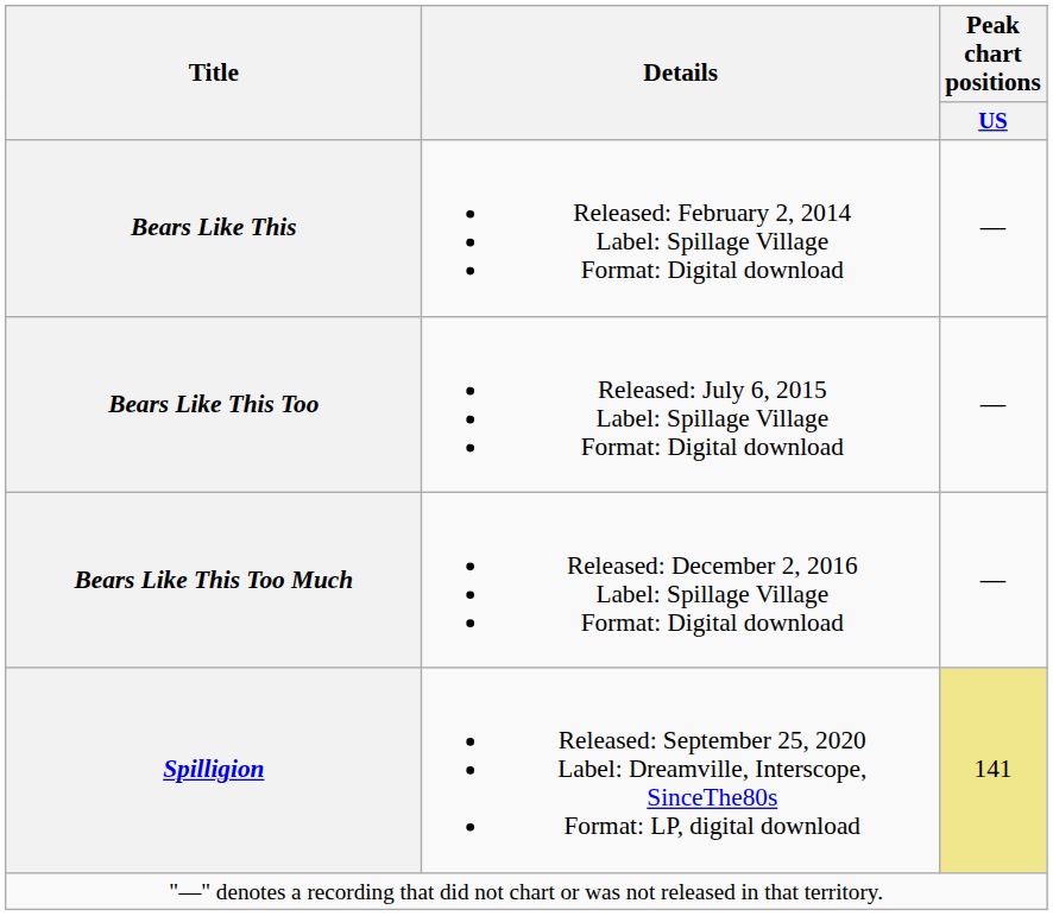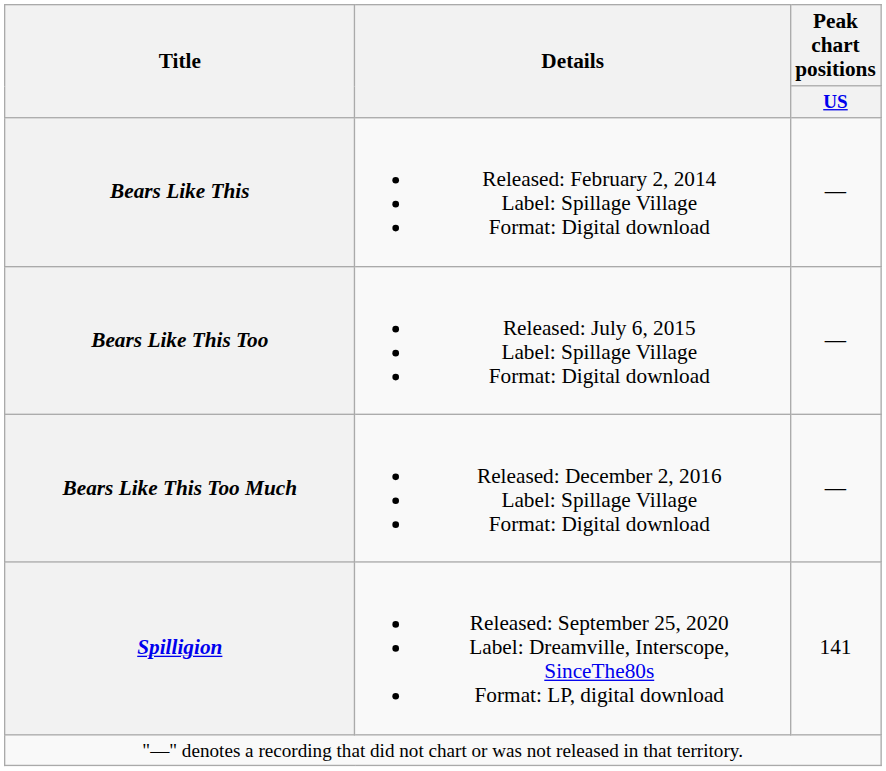 <table class="wikitable plainrowheaders" style="text-align:center;">
 <tr>
 <th scope="col" rowspan="2" style="width:16em;">Title</th>
 <th scope="col" rowspan="2" style="width:20em;">Details</th>
 <th scope="col" colspan="1">Peak chart positions</th>
 </tr>
 <tr>
 <th scope="col" style="width:3em;font-size:90%;"><a href='#'>US</a><br></th>
 </tr>
 <tr>
 <th scope="row"><em>Bears Like This</em><br></th>
 <td><br><ul><li>Released: February 2, 2014</li><li>Label: Spillage Village</li><li>Format: Digital download</li></ul></td>
 <td>—</td>
 </tr>
 <tr>
 <th scope="row"><em>Bears Like This Too</em><br></th>
 <td><br><ul><li>Released: July 6, 2015</li><li>Label: Spillage Village</li><li>Format: Digital download</li></ul></td>
 <td>—</td>
 </tr>
 <tr>
 <th scope="row"><em>Bears Like This Too Much</em><br></th>
 <td><br><ul><li>Released: December 2, 2016</li><li>Label: Spillage Village</li><li>Format: Digital download</li></ul></td>
 <td>—</td>
 </tr>
 <tr>
 <th scope="row"><em><a href='#'>Spilligion</a></em><br></th>
 <td><br><ul><li>Released: September 25, 2020</li><li>Label: Dreamville, Interscope, <a href='#'>SinceThe80s</a></li><li>Format: LP, digital download</li></ul></td>
-<td style="background: khaki;">141</td>
+<td>141</td>
 </tr>
 <tr>
 <td colspan="8" style="font-size:90%">"—" denotes a recording that did not chart or was not released in that territory.</td>
 </tr>
 </table>
